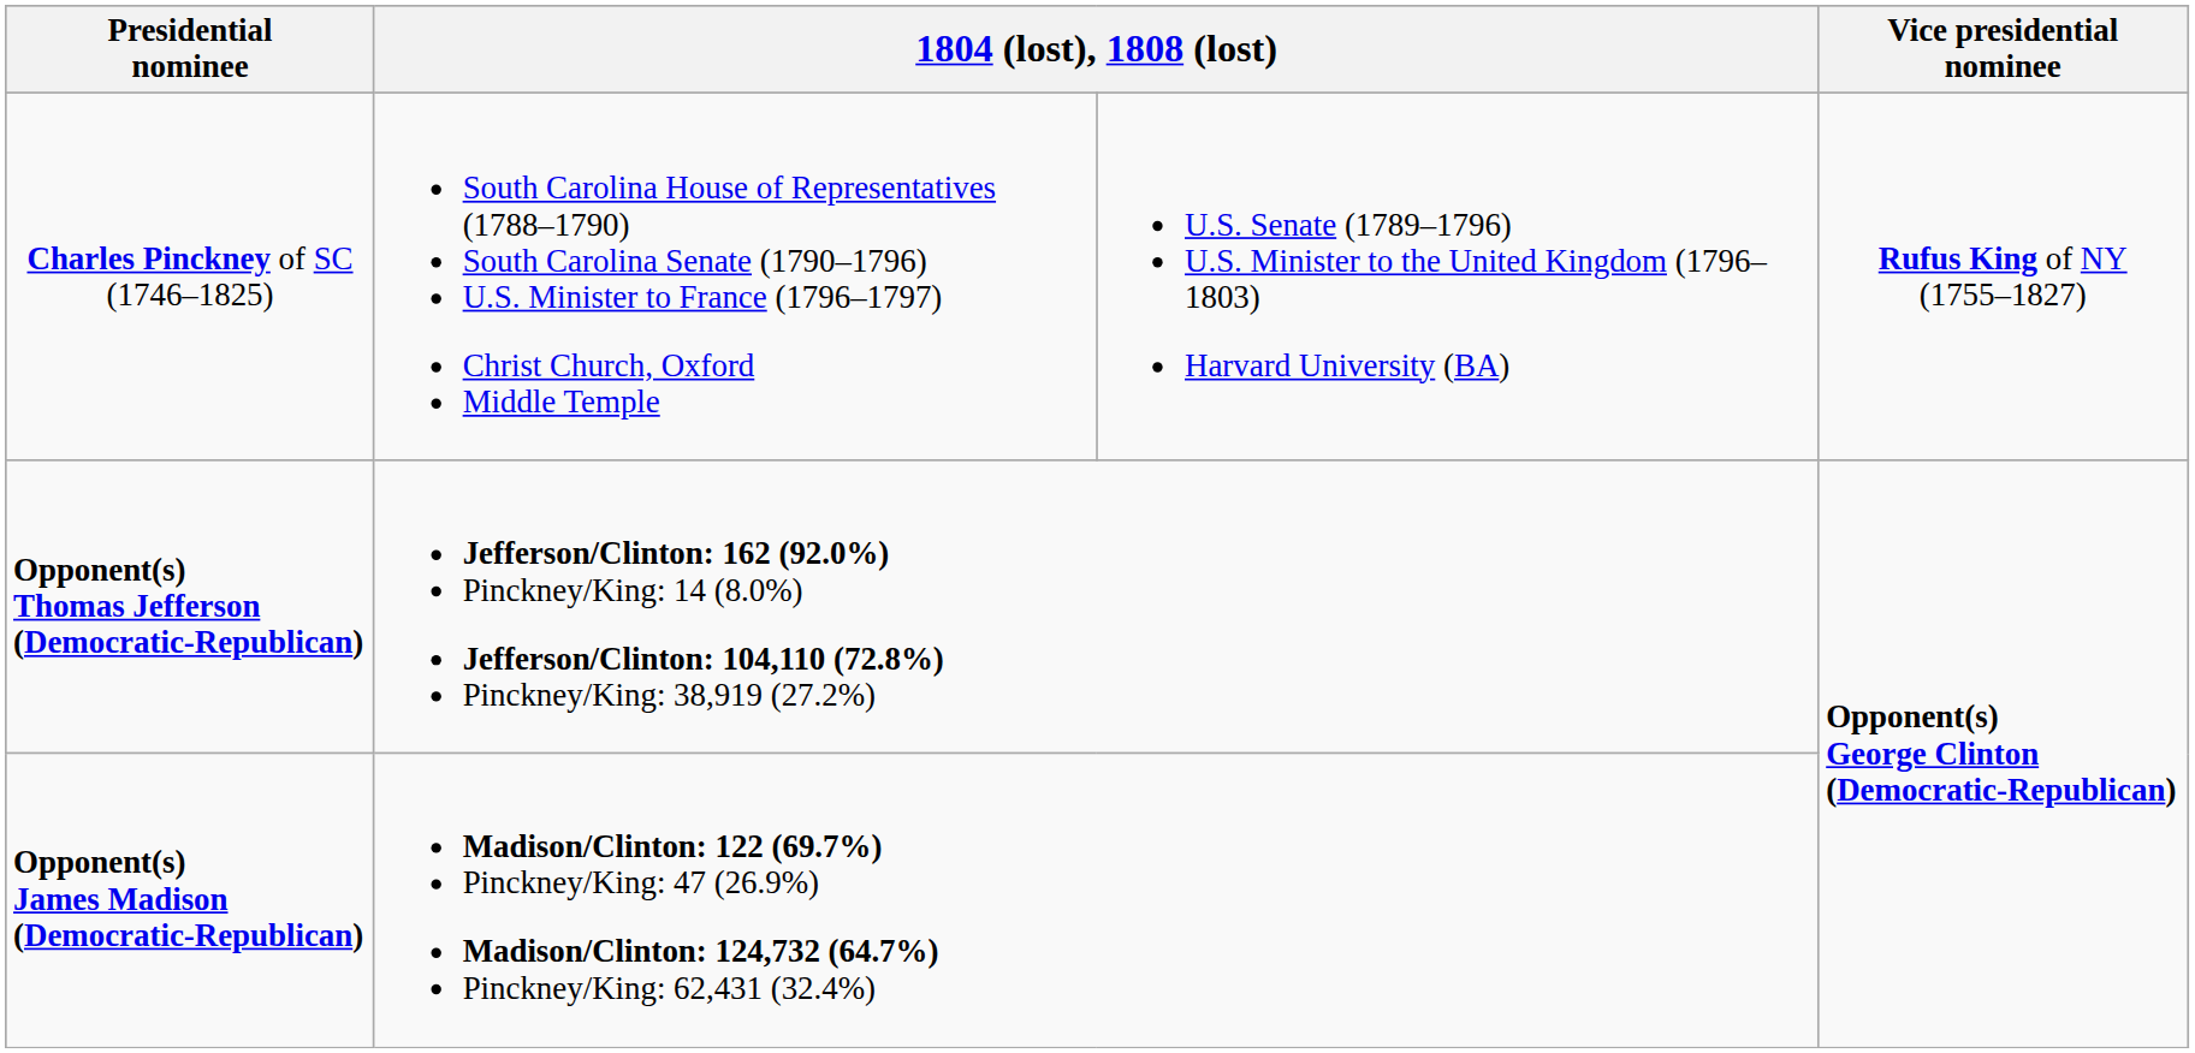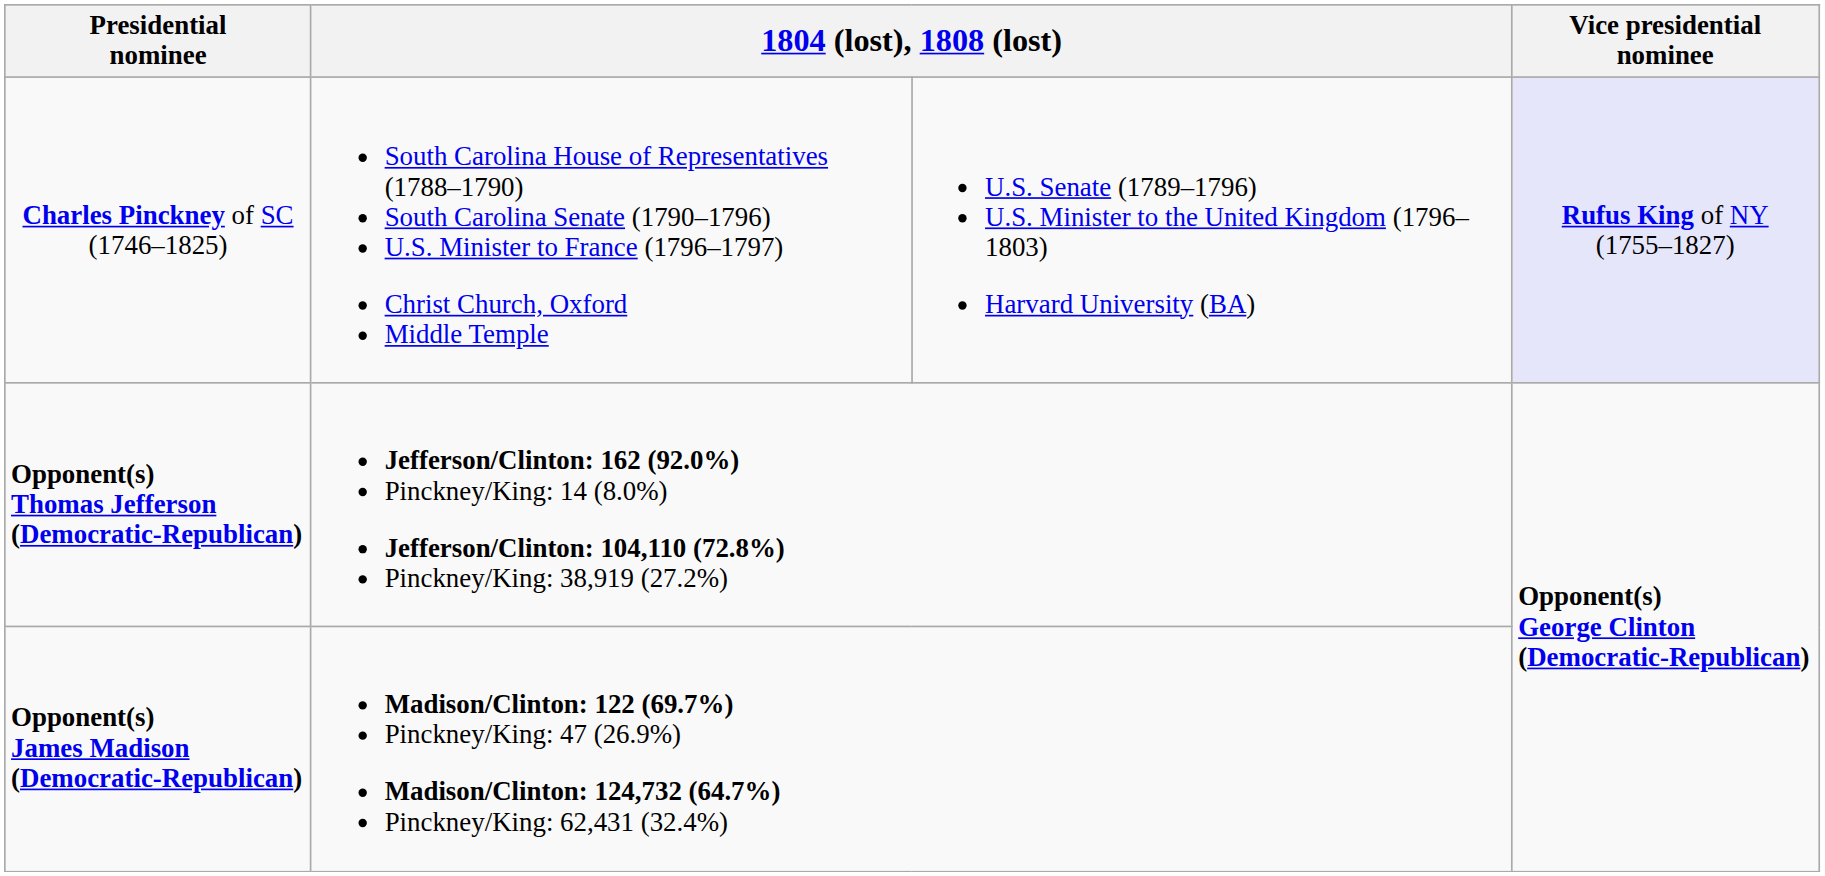 <table class="wikitable">
 <tr>
 <th width=175>Presidential<br>nominee</th>
 <th colspan=2><big><a href='#'>1804</a> (lost), <a href='#'>1808</a> (lost)</big></th>
 <th width=175>Vice presidential<br>nominee</th>
 </tr>
 <tr>
 <td style="text-align:center;"><strong><a href='#'>Charles Pinckney</a></strong> of <a href='#'>SC</a><br>(1746–1825)<br></td>
 <td width=350><br><ul><li><a href='#'>South Carolina House of Representatives</a> (1788–1790)</li><li><a href='#'>South Carolina Senate</a> (1790–1796)</li><li><a href='#'>U.S. Minister to France</a> (1796–1797)</li></ul><ul><li><a href='#'>Christ Church, Oxford</a></li><li><a href='#'>Middle Temple</a></li></ul></td>
 <td width=350><br><ul><li><a href='#'>U.S. Senate</a> (1789–1796)</li><li><a href='#'>U.S. Minister to the United Kingdom</a> (1796–1803)</li></ul><ul><li><a href='#'>Harvard University</a> (<a href='#'>BA</a>)</li></ul></td>
-<td style="text-align:center;"><strong><a href='#'>Rufus King</a></strong> of <a href='#'>NY</a><br>(1755–1827)<br></td>
+<td style="background: lavender; text-align:center;"><strong><a href='#'>Rufus King</a></strong> of <a href='#'>NY</a><br>(1755–1827)<br></td>
 </tr>
 <tr>
 <td><strong>Opponent(s)</strong><br><strong><a href='#'>Thomas Jefferson</a> (<a href='#'>Democratic-Republican</a>)</strong></td>
 <td colspan=2><br><ul><li><strong>Jefferson/Clinton: 162 (92.0%)</strong></li><li>Pinckney/King: 14 (8.0%)</li></ul><ul><li><strong>Jefferson/Clinton: 104,110 (72.8%)</strong></li><li>Pinckney/King: 38,919 (27.2%)</li></ul></td>
 <td rowspan=2><strong>Opponent(s)</strong><br><strong><a href='#'>George Clinton</a> (<a href='#'>Democratic-Republican</a>)</strong></td>
 </tr>
 <tr>
 <td><strong>Opponent(s)</strong><br><strong><a href='#'>James Madison</a> (<a href='#'>Democratic-Republican</a>)</strong></td>
 <td colspan=2><br><ul><li><strong>Madison/Clinton: 122 (69.7%)</strong></li><li>Pinckney/King: 47 (26.9%)</li></ul><ul><li><strong>Madison/Clinton: 124,732 (64.7%)</strong></li><li>Pinckney/King: 62,431 (32.4%)</li></ul></td>
 </tr>
 </table>
